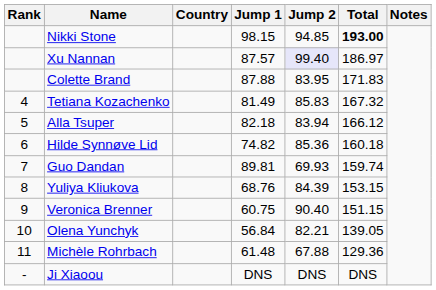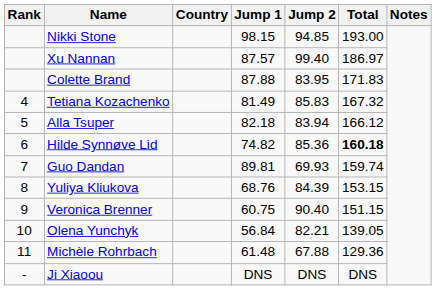 <table class="wikitable sortable" style="text-align:center">
 <tr>
 <th>Rank</th>
 <th>Name</th>
 <th>Country</th>
 <th>Jump 1</th>
 <th>Jump 2</th>
 <th>Total</th>
 <th>Notes</th>
 </tr>
 <tr>
 <td></td>
 <td align=left><a href='#'>Nikki Stone</a></td>
 <td align=left></td>
 <td>98.15</td>
 <td>94.85</td>
-<td><strong>193.00</strong></td>
+<td>193.00</td>
 </tr>
 <tr>
 <td></td>
 <td align=left><a href='#'>Xu Nannan</a></td>
 <td align=left></td>
 <td>87.57</td>
-<td style="background: lavender;">99.40</td>
+<td>99.40</td>
 <td>186.97</td>
 </tr>
 <tr>
 <td></td>
 <td align=left><a href='#'>Colette Brand</a></td>
 <td align=left></td>
 <td>87.88</td>
 <td>83.95</td>
 <td>171.83</td>
 </tr>
 <tr>
 <td>4</td>
 <td align=left><a href='#'>Tetiana Kozachenko</a></td>
 <td align=left></td>
 <td>81.49</td>
 <td>85.83</td>
 <td>167.32</td>
 </tr>
 <tr>
 <td>5</td>
 <td align=left><a href='#'>Alla Tsuper</a></td>
 <td align=left></td>
 <td>82.18</td>
 <td>83.94</td>
 <td>166.12</td>
 </tr>
 <tr>
 <td>6</td>
 <td align=left><a href='#'>Hilde Synnøve Lid</a></td>
 <td align=left></td>
 <td>74.82</td>
 <td>85.36</td>
-<td>160.18</td>
+<td><strong>160.18</strong></td>
 </tr>
 <tr>
 <td>7</td>
 <td align=left><a href='#'>Guo Dandan</a></td>
 <td align=left></td>
 <td>89.81</td>
 <td>69.93</td>
 <td>159.74</td>
 </tr>
 <tr>
 <td>8</td>
 <td align=left><a href='#'>Yuliya Kliukova</a></td>
 <td align=left></td>
 <td>68.76</td>
 <td>84.39</td>
 <td>153.15</td>
 </tr>
 <tr>
 <td>9</td>
 <td align=left><a href='#'>Veronica Brenner</a></td>
 <td align=left></td>
 <td>60.75</td>
 <td>90.40</td>
 <td>151.15</td>
 </tr>
 <tr>
 <td>10</td>
 <td align=left><a href='#'>Olena Yunchyk</a></td>
 <td align=left></td>
 <td>56.84</td>
 <td>82.21</td>
 <td>139.05</td>
 </tr>
 <tr>
 <td>11</td>
 <td align=left><a href='#'>Michèle Rohrbach</a></td>
 <td align=left></td>
 <td>61.48</td>
 <td>67.88</td>
 <td>129.36</td>
 </tr>
 <tr>
 <td>-</td>
 <td align=left><a href='#'>Ji Xiaoou</a></td>
 <td align=left></td>
 <td>DNS</td>
 <td>DNS</td>
 <td>DNS</td>
 </tr>
 </table>
